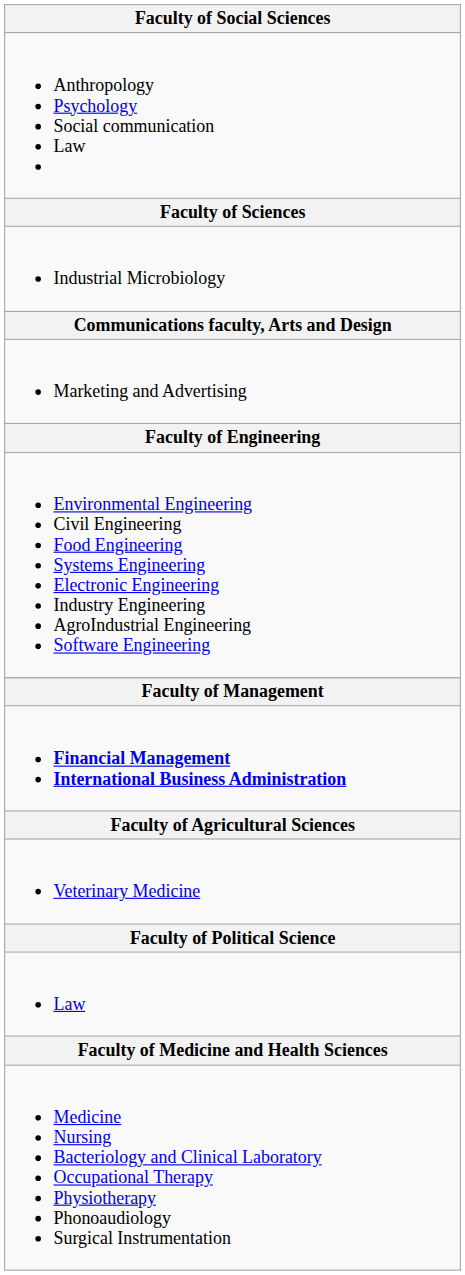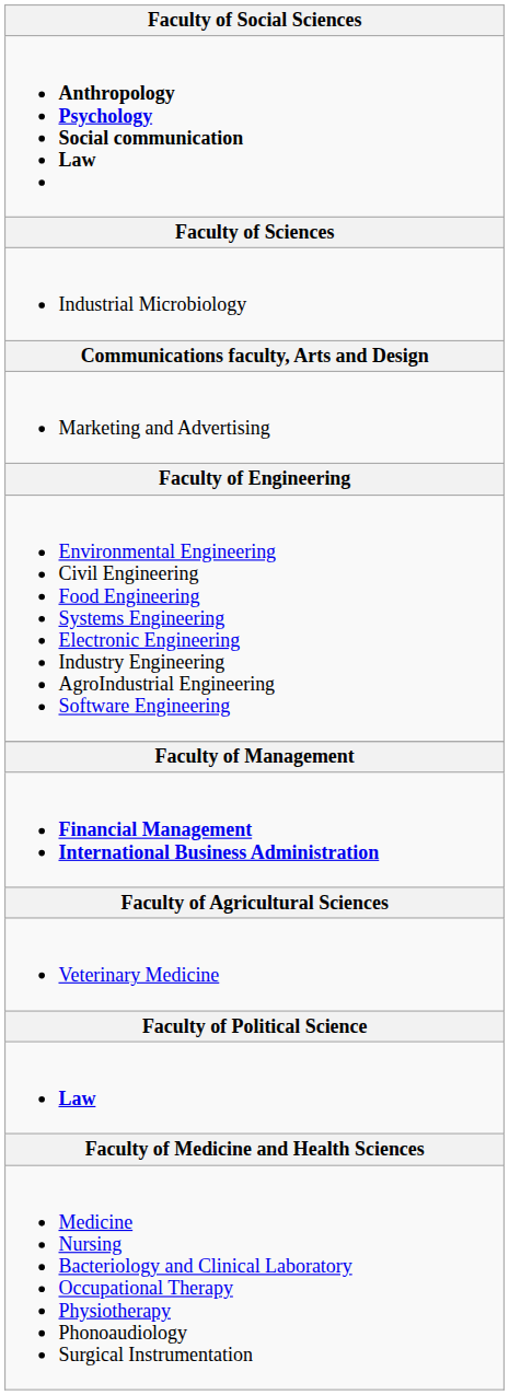 <table class="wikitable">
 <tr>
 <th width="400 px">Faculty of Social Sciences</th>
 </tr>
 <tr>
-<td><br><ul><li>Anthropology</li><li><a href='#'>Psychology</a></li><li>Social communication</li><li>Law</li><li></li></ul></td>
+<td><strong><br><ul><li>Anthropology</li><li><a href='#'>Psychology</a></li><li>Social communication</li><li>Law</li><li></li></ul></strong></td>
 </tr>
 <tr>
 <th width="400 px">Faculty of Sciences</th>
 </tr>
 <tr>
 <td><br><ul><li>Industrial Microbiology</li></ul></td>
 </tr>
 <tr>
 <th width="400 px">Communications faculty, Arts and Design</th>
 </tr>
 <tr>
 <td><br><ul><li>Marketing and Advertising</li></ul></td>
 </tr>
 <tr>
 <th width="400 px">Faculty of Engineering</th>
 </tr>
 <tr>
 <td><br><ul><li><a href='#'>Environmental Engineering</a></li><li>Civil Engineering</li><li><a href='#'>Food Engineering</a></li><li><a href='#'>Systems Engineering</a></li><li><a href='#'>Electronic Engineering</a></li><li>Industry Engineering</li><li>AgroIndustrial Engineering</li><li><a href='#'>Software Engineering</a></li></ul></td>
 </tr>
 <tr>
 </tr>
 <tr>
 <th width="400 px">Faculty of Management</th>
 </tr>
 <tr>
 <td><strong><br><ul><li><a href='#'>Financial Management</a></li><li><a href='#'>International Business Administration</a></li></ul></strong></td>
 </tr>
 <tr>
 <th width="400 px">Faculty of Agricultural Sciences</th>
 </tr>
 <tr>
 <td><br><ul><li><a href='#'>Veterinary Medicine</a></li></ul></td>
 </tr>
 <tr>
 <th width = "400 px">Faculty of Political Science</th>
 </tr>
 <tr>
-<td><br><ul><li><a href='#'>Law</a></li></ul></td>
+<td><strong><br><ul><li><a href='#'>Law</a></li></ul></strong></td>
 </tr>
 <tr>
 <th width = "400 px">Faculty of Medicine and Health Sciences</th>
 </tr>
 <tr>
 <td><br><ul><li><a href='#'>Medicine</a></li><li><a href='#'>Nursing</a></li><li><a href='#'>Bacteriology and Clinical Laboratory</a></li><li><a href='#'>Occupational Therapy</a></li><li><a href='#'>Physiotherapy</a></li><li>Phonoaudiology</li><li>Surgical Instrumentation</li></ul></td>
 </tr>
 </table>
